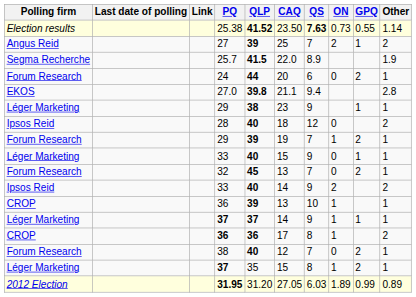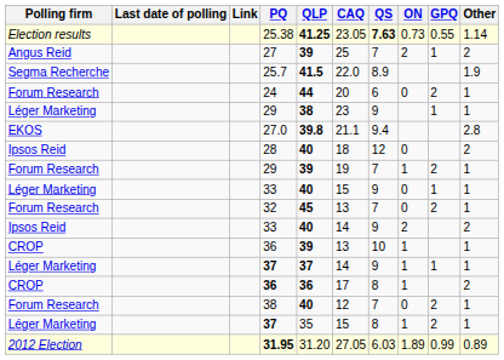 <table class="wikitable sortable">
 <tr style="background:#e9e9e9;">
 <th>Polling firm</th>
 <th>Last date of polling</th>
 <th class="unsortable">Link</th>
 <th style="background-color:"><a href='#'>PQ</a></th>
 <th style="background-color:"><a href='#'>QLP</a></th>
 <th style="background-color:"><a href='#'>CAQ</a></th>
 <th style="background-color:"><a href='#'>QS</a></th>
 <th style="background-color:"><a href='#'>ON</a></th>
 <th style="background-color:"><a href='#'>GPQ</a></th>
 <th style="background-color:">Other</th>
 </tr>
 <tr>
 <td style="background:#ffd"><em>Election results</em></td>
 <td style="background:#ffd"></td>
 <td style="background:#ffd"></td>
 <td style="background:#ffd">25.38</td>
-<td style="background:#ffd"><strong>41.52</strong></td>
-<td style="background:#ffd">23.50</td>
+<td style="background:#ffd"><strong>41.25</strong></td>
+<td style="background:#ffd">23.05</td>
 <td style="background:#ffd"><strong>7.63</strong></td>
 <td style="background:#ffd">0.73</td>
 <td style="background:#ffd">0.55</td>
 <td style="background:#ffd">1.14</td>
 </tr>
 <tr>
 <td><a href='#'>Angus Reid</a></td>
 <td></td>
 <td></td>
 <td>27</td>
 <td><strong>39</strong></td>
 <td>25</td>
 <td>7</td>
 <td>2</td>
 <td>1</td>
 <td>2</td>
 </tr>
 <tr>
 <td><a href='#'>Segma Recherche</a></td>
 <td></td>
 <td></td>
 <td>25.7</td>
 <td><strong>41.5</strong></td>
 <td>22.0</td>
 <td>8.9</td>
 <td></td>
 <td></td>
 <td>1.9</td>
 </tr>
 <tr>
 <td><a href='#'>Forum Research</a></td>
 <td></td>
 <td></td>
 <td>24</td>
 <td><strong>44</strong></td>
 <td>20</td>
 <td>6</td>
 <td>0</td>
 <td>2</td>
 <td>1</td>
 </tr>
 <tr>
+<td><a href='#'>Léger Marketing</a></td>
+<td></td>
+<td></td>
+<td>29</td>
+<td><strong>38</strong></td>
+<td>23</td>
+<td>9</td>
+<td></td>
+<td>1</td>
+<td>1</td>
+</tr>
+<tr>
 <td><a href='#'>EKOS</a></td>
 <td></td>
 <td></td>
 <td>27.0</td>
 <td><strong>39.8</strong></td>
 <td>21.1</td>
 <td>9.4</td>
 <td></td>
 <td></td>
 <td>2.8</td>
-</tr>
-<tr>
-<td><a href='#'>Léger Marketing</a></td>
-<td></td>
-<td></td>
-<td>29</td>
-<td><strong>38</strong></td>
-<td>23</td>
-<td>9</td>
-<td></td>
-<td>1</td>
-<td>1</td>
 </tr>
 <tr>
 <td><a href='#'>Ipsos Reid</a></td>
 <td></td>
 <td></td>
 <td>28</td>
 <td><strong>40</strong></td>
 <td>18</td>
 <td>12</td>
 <td>0</td>
 <td></td>
 <td>2</td>
 </tr>
 <tr>
 <td><a href='#'>Forum Research</a></td>
 <td></td>
 <td></td>
 <td>29</td>
 <td><strong>39</strong></td>
 <td>19</td>
 <td>7</td>
 <td>1</td>
 <td>2</td>
 <td>1</td>
 </tr>
 <tr>
 <td><a href='#'>Léger Marketing</a></td>
 <td></td>
 <td></td>
 <td>33</td>
 <td><strong>40</strong></td>
 <td>15</td>
 <td>9</td>
 <td>0</td>
 <td>1</td>
 <td>1</td>
 </tr>
 <tr>
 <td><a href='#'>Forum Research</a></td>
 <td></td>
 <td></td>
 <td>32</td>
 <td><strong>45</strong></td>
 <td>13</td>
 <td>7</td>
 <td>0</td>
 <td>2</td>
 <td>1</td>
 </tr>
 <tr>
 <td><a href='#'>Ipsos Reid</a></td>
 <td></td>
 <td></td>
 <td>33</td>
 <td><strong>40</strong></td>
 <td>14</td>
 <td>9</td>
 <td>2</td>
 <td></td>
 <td>2</td>
 </tr>
 <tr>
 <td><a href='#'>CROP</a></td>
 <td></td>
 <td></td>
 <td>36</td>
 <td><strong>39</strong></td>
 <td>13</td>
 <td>10</td>
 <td>1</td>
 <td></td>
 <td>1</td>
 </tr>
 <tr>
 <td><a href='#'>Léger Marketing</a></td>
 <td></td>
 <td></td>
 <td><strong>37</strong></td>
 <td><strong>37</strong></td>
 <td>14</td>
 <td>9</td>
 <td>1</td>
 <td>1</td>
 <td>1</td>
 </tr>
 <tr>
 <td><a href='#'>CROP</a></td>
 <td></td>
 <td></td>
 <td><strong>36</strong></td>
 <td><strong>36</strong></td>
 <td>17</td>
 <td>8</td>
 <td>1</td>
 <td></td>
 <td>2</td>
 </tr>
 <tr>
 <td><a href='#'>Forum Research</a></td>
 <td></td>
 <td></td>
 <td>38</td>
 <td><strong>40</strong></td>
 <td>12</td>
 <td>7</td>
 <td>0</td>
 <td>2</td>
 <td>1</td>
 </tr>
 <tr>
 <td><a href='#'>Léger Marketing</a></td>
 <td></td>
 <td></td>
 <td><strong>37</strong></td>
 <td>35</td>
 <td>15</td>
 <td>8</td>
 <td>1</td>
 <td>2</td>
 <td>1</td>
 </tr>
 <tr>
 <td style="background:#ffd"><em><a href='#'>2012 Election</a></em></td>
 <td style="background:#ffd"></td>
 <td style="background:#ffd"></td>
 <td style="background:#ffd"><strong>31.95</strong></td>
 <td style="background:#ffd">31.20</td>
 <td style="background:#ffd">27.05</td>
 <td style="background:#ffd">6.03</td>
 <td style="background:#ffd">1.89</td>
 <td style="background:#ffd">0.99</td>
 <td style="background:#ffd">0.89</td>
 </tr>
 </table>
